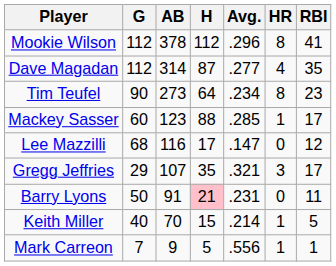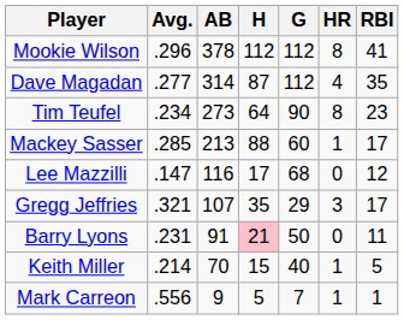 <table class="wikitable sortable">
 <tr>
 <th>Player</th>
-<th>G</th>
+<th>Avg.</th>
 <th>AB</th>
 <th>H</th>
-<th>Avg.</th>
+<th>G</th>
 <th>HR</th>
 <th>RBI</th>
 </tr>
 <tr align="center">
 <td><a href='#'>Mookie Wilson</a></td>
-<td>112</td>
+<td>.296</td>
 <td>378</td>
 <td>112</td>
-<td>.296</td>
+<td>112</td>
 <td>8</td>
 <td>41</td>
 </tr>
 <tr align="center">
 <td><a href='#'>Dave Magadan</a></td>
-<td>112</td>
+<td>.277</td>
 <td>314</td>
 <td>87</td>
-<td>.277</td>
+<td>112</td>
 <td>4</td>
 <td>35</td>
 </tr>
 <tr align="center">
 <td><a href='#'>Tim Teufel</a></td>
-<td>90</td>
+<td>.234</td>
 <td>273</td>
 <td>64</td>
-<td>.234</td>
+<td>90</td>
 <td>8</td>
 <td>23</td>
 </tr>
 <tr align="center">
 <td><a href='#'>Mackey Sasser</a></td>
+<td>.285</td>
+<td>213</td>
+<td>88</td>
 <td>60</td>
-<td>123</td>
-<td>88</td>
-<td>.285</td>
 <td>1</td>
 <td>17</td>
 </tr>
 <tr align=center>
 <td><a href='#'>Lee Mazzilli</a></td>
-<td>68</td>
+<td>.147</td>
 <td>116</td>
 <td>17</td>
-<td>.147</td>
+<td>68</td>
 <td>0</td>
 <td>12</td>
 </tr>
 <tr align="center">
 <td><a href='#'>Gregg Jeffries</a></td>
-<td>29</td>
+<td>.321</td>
 <td>107</td>
 <td>35</td>
-<td>.321</td>
+<td>29</td>
 <td>3</td>
 <td>17</td>
 </tr>
 <tr align="center">
 <td><a href='#'>Barry Lyons</a></td>
-<td>50</td>
+<td>.231</td>
 <td>91</td>
 <td style="background: pink;">21</td>
-<td>.231</td>
+<td>50</td>
 <td>0</td>
 <td>11</td>
 </tr>
 <tr align="center">
 <td><a href='#'>Keith Miller</a></td>
-<td>40</td>
+<td>.214</td>
 <td>70</td>
 <td>15</td>
-<td>.214</td>
+<td>40</td>
 <td>1</td>
 <td>5</td>
 </tr>
 <tr align="center">
 <td><a href='#'>Mark Carreon</a></td>
-<td>7</td>
+<td>.556</td>
 <td>9</td>
 <td>5</td>
-<td>.556</td>
+<td>7</td>
 <td>1</td>
 <td>1</td>
 </tr>
 </table>
